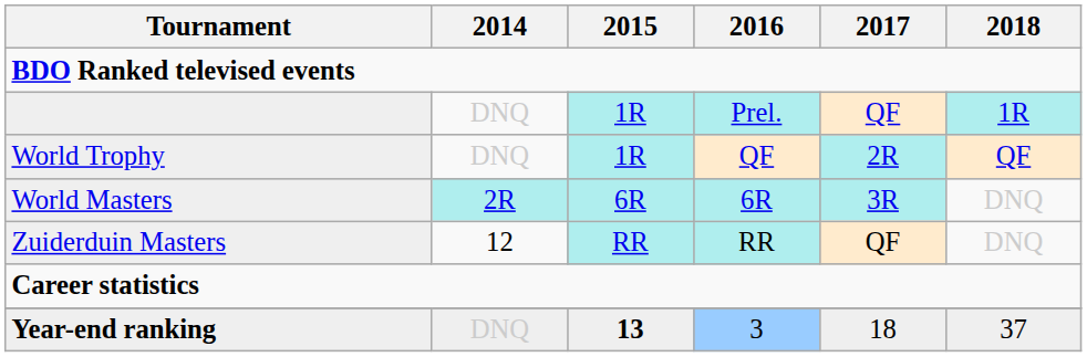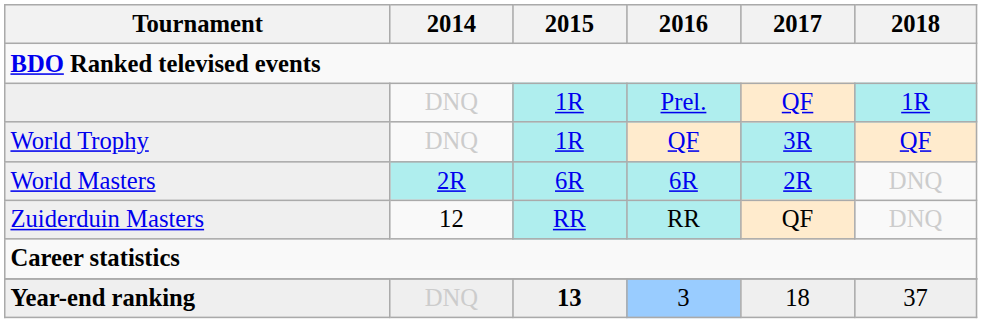 <table class="wikitable" style="width:50%; margin:0">
 <tr>
 <th>Tournament</th>
 <th>2014</th>
 <th>2015</th>
 <th>2016</th>
 <th>2017</th>
 <th>2018</th>
 </tr>
 <tr>
 <td colspan="31" align="left"><strong><a href='#'>BDO</a> Ranked televised events</strong></td>
 </tr>
 <tr>
 <td style="background:#efefef;"></td>
 <td style="text-align:center; color:#ccc;">DNQ</td>
 <td style="text-align:center; background:#afeeee;"><a href='#'>1R</a></td>
 <td style="text-align:center; background:#afeeee;"><a href='#'>Prel.</a></td>
 <td style="text-align:center; background:#ffebcd;"><a href='#'>QF</a></td>
 <td style="text-align:center; background:#afeeee;"><a href='#'>1R</a></td>
 </tr>
 <tr>
 <td style="background:#efefef;"><a href='#'>World Trophy</a></td>
 <td style="text-align:center; color:#ccc;">DNQ</td>
 <td style="text-align:center; background:#afeeee;"><a href='#'>1R</a></td>
 <td style="text-align:center; background:#ffebcd;"><a href='#'>QF</a></td>
-<td style="text-align:center; background:#afeeee;"><a href='#'>2R</a></td>
+<td style="text-align:center; background:#afeeee;"><a href='#'>3R</a></td>
 <td style="text-align:center; background:#ffebcd;"><a href='#'>QF</a></td>
 </tr>
 <tr>
 <td style="background:#efefef;"><a href='#'>World Masters</a></td>
 <td style="text-align:center; background:#afeeee;"><a href='#'>2R</a></td>
 <td style="text-align:center; background:#afeeee;"><a href='#'>6R</a></td>
 <td style="text-align:center; background:#afeeee;"><a href='#'>6R</a></td>
-<td style="text-align:center; background:#afeeee;"><a href='#'>3R</a></td>
+<td style="text-align:center; background:#afeeee;"><a href='#'>2R</a></td>
 <td style="text-align:center; color:#ccc;">DNQ</td>
 </tr>
 <tr>
 <td style="background:#efefef;"><a href='#'>Zuiderduin Masters</a></td>
 <td style="text-align:center;">12</td>
 <td style="text-align:center; background:#afeeee;"><a href='#'>RR</a></td>
 <td style="text-align:center; background:#afeeee;">RR</td>
 <td style="text-align:center; background:#ffebcd;">QF</td>
 <td style="text-align:center; color:#ccc;">DNQ</td>
 </tr>
 <tr>
 <td colspan="14" align="left"><strong>Career statistics</strong></td>
 </tr>
 <tr>
 </tr>
 <tr bgcolor="efefef">
 <td align="left"><strong>Year-end ranking</strong></td>
 <td style="text-align:center; color:#ccc;">DNQ</td>
 <td style="text-align:center;"><strong>13</strong></td>
 <td style="text-align:center; background:#99ccff;">3</td>
 <td style="text-align:center;">18</td>
 <td style="text-align:center;">37</td>
 </tr>
 </table>
